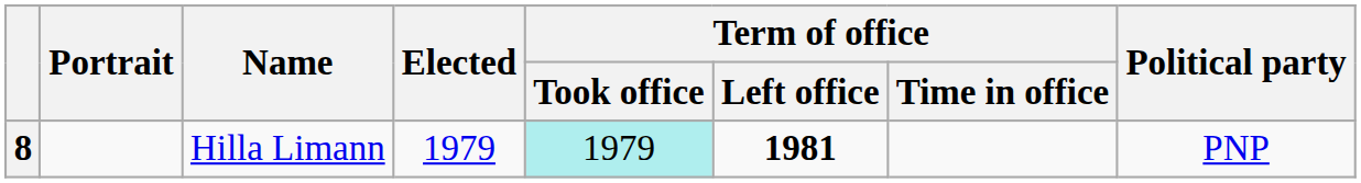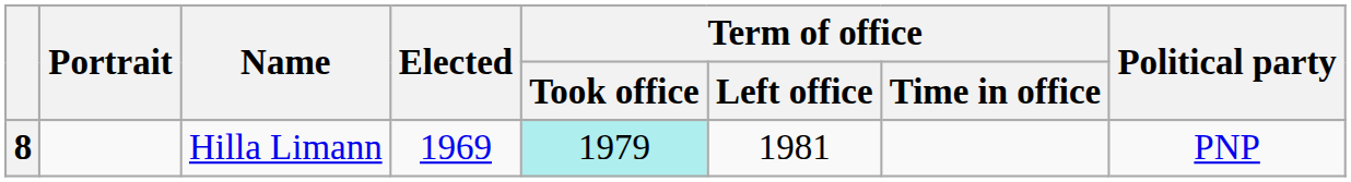 <table class="wikitable" style="text-align:center">
 <tr>
 <th rowspan="2"></th>
 <th rowspan="2">Portrait</th>
 <th rowspan="2">Name<br></th>
 <th rowspan="2">Elected</th>
 <th colspan="3">Term of office</th>
 <th rowspan="2">Political party</th>
 </tr>
 <tr>
 <th>Took office</th>
 <th>Left office</th>
 <th>Time in office</th>
 </tr>
 <tr>
 <th style="background:">8</th>
 <td></td>
 <td><a href='#'>Hilla Limann</a><br></td>
-<td><a href='#'>1979</a></td>
+<td><a href='#'>1969</a></td>
 <td style="background: paleturquoise;"> 1979</td>
-<td><strong> 1981<br></strong></td>
+<td> 1981<br></td>
 <td></td>
 <td><a href='#'>PNP</a></td>
 </tr>
 </table>
